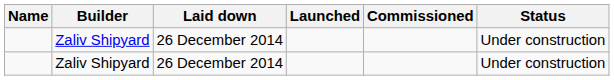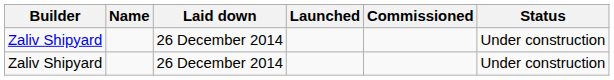 <table class="wikitable">
 <tr>
+<th>Builder</th>
 <th>Name</th>
-<th>Builder</th>
 <th>Laid down</th>
 <th>Launched</th>
 <th>Commissioned</th>
 <th>Status</th>
 </tr>
 <tr>
+<td><a href='#'>Zaliv Shipyard</a></td>
 <td></td>
-<td><a href='#'>Zaliv Shipyard</a></td>
 <td>26 December 2014</td>
 <td></td>
 <td></td>
 <td>Under construction</td>
 </tr>
 <tr>
+<td>Zaliv Shipyard</td>
 <td></td>
-<td>Zaliv Shipyard</td>
 <td>26 December 2014</td>
 <td></td>
 <td></td>
 <td>Under construction</td>
 </tr>
 </table>
